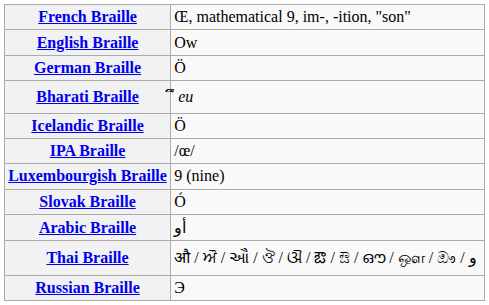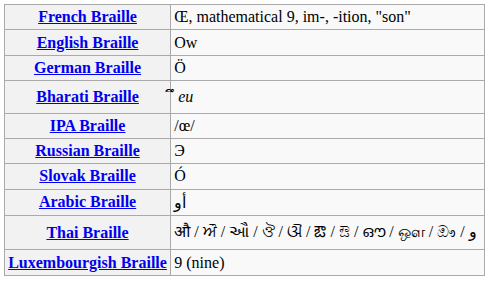 <table class="wikitable">
 <tr>
 <th align=left><a href='#'>French Braille</a></th>
 <td>Œ, mathematical 9, im-, -ition, "son"</td>
 </tr>
 <tr>
 <th align=left><a href='#'>English Braille</a></th>
 <td>Ow</td>
 </tr>
 <tr>
 </tr>
 <tr>
 <th align=left><a href='#'>German Braille</a></th>
 <td>Ö</td>
 </tr>
 <tr>
 <th align=left><a href='#'>Bharati Braille</a></th>
 <td>ึ <em>eu</em></td>
 </tr>
 <tr>
-<th align=left><a href='#'>Icelandic Braille</a></th>
-<td>Ö</td>
-</tr>
-<tr>
 <th align=left><a href='#'>IPA Braille</a></th>
 <td>/œ/</td>
 </tr>
 <tr>
-<th align=left><a href='#'>Luxembourgish Braille</a></th>
-<td>9 (nine)</td>
+<th align=left><a href='#'>Russian Braille</a></th>
+<td>Э</td>
 </tr>
 <tr>
 <th align=left><a href='#'>Slovak Braille</a></th>
 <td>Ó</td>
 </tr>
 <tr>
 <th align=left><a href='#'>Arabic Braille</a></th>
 <td>أو</td>
 </tr>
 <tr>
 </tr>
 <tr>
 </tr>
 <tr>
 <th align=left><a href='#'>Thai Braille</a></th>
 <td>औ / ਔ / ઔ / ঔ / ଔ / ఔ / ಔ / ഔ / ஔ / ඖ / و ‎</td>
 </tr>
 <tr>
-<th align=left><a href='#'>Russian Braille</a></th>
-<td>Э</td>
+<th align=left><a href='#'>Luxembourgish Braille</a></th>
+<td>9 (nine)</td>
 </tr>
 <tr>
 </tr>
 </table>
